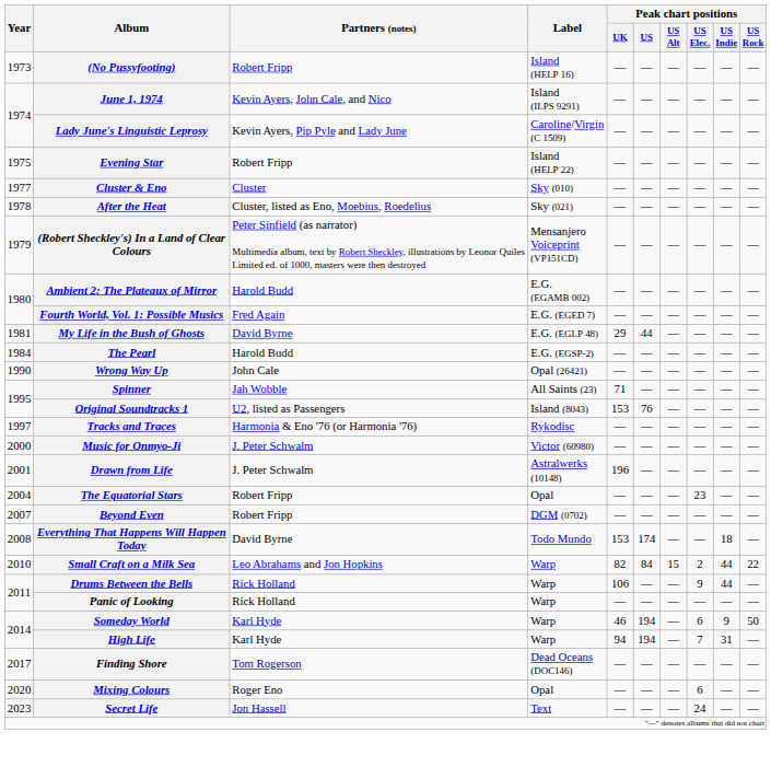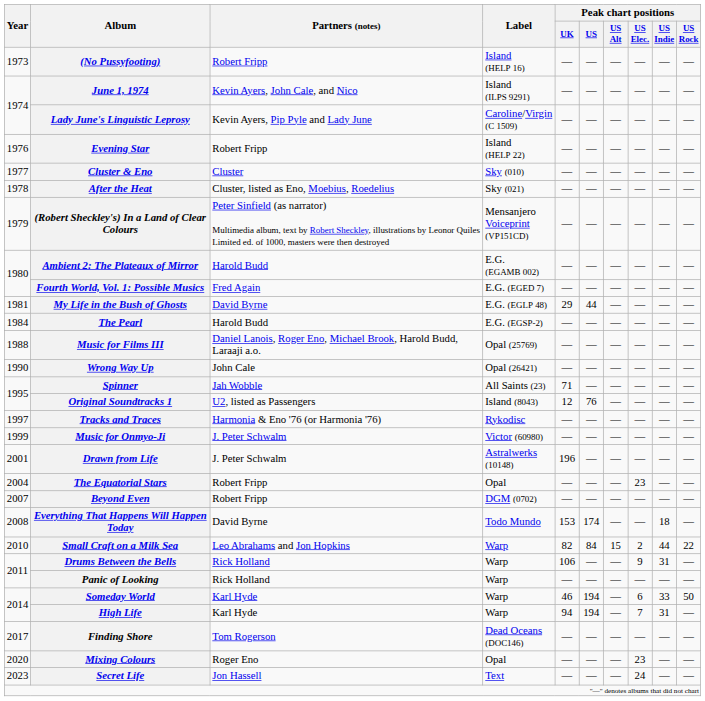 <table class="wikitable sortable plainrowheaders">
 <tr>
 <th width="32" rowspan="2">Year</th>
 <th width="260" rowspan="2">Album</th>
 <th width="400" rowspan="2">Partners <small>(notes)</small></th>
 <th width="100" rowspan="2">Label</th>
 <th colspan="6" class="unsortable">Peak chart positions</th>
 </tr>
 <tr style="font-size:smaller;">
 <th width="30" class="unsortable"><a href='#'>UK</a><br></th>
 <th width="30" class="unsortable"><a href='#'>US</a><br></th>
 <th width="30" class="unsortable"><a href='#'>US<br>Alt</a><br></th>
 <th width="30" class="unsortable"><a href='#'>US<br>Elec.</a><br></th>
 <th width="30" class="unsortable"><a href='#'>US<br>Indie</a><br></th>
 <th width="30" class="unsortable"><a href='#'>US<br>Rock</a><br></th>
 </tr>
 <tr>
 <td align="center">1973</td>
 <th scope="row"><em><a href='#'>(No Pussyfooting)</a></em></th>
 <td><a href='#'>Robert Fripp</a></td>
 <td><a href='#'>Island</a> <small>(HELP 16)</small></td>
 <td align="center">—</td>
 <td align="center">—</td>
 <td align="center">—</td>
 <td align="center">—</td>
 <td align="center">—</td>
 <td align="center">—</td>
 </tr>
 <tr>
 <td align="center" rowspan="2">1974</td>
 <th scope="row"><em><a href='#'>June 1, 1974</a></em></th>
 <td><a href='#'>Kevin Ayers</a>, <a href='#'>John Cale</a>, and <a href='#'>Nico</a></td>
 <td>Island <small>(ILPS 9291)</small></td>
 <td align="center">—</td>
 <td align="center">—</td>
 <td align="center">—</td>
 <td align="center">—</td>
 <td align="center">—</td>
 <td align="center">—</td>
 </tr>
 <tr>
 <th scope="row"><em><a href='#'>Lady June's Linguistic Leprosy</a></em></th>
 <td>Kevin Ayers, <a href='#'>Pip Pyle</a> and <a href='#'>Lady June</a></td>
 <td><a href='#'>Caroline</a>/<a href='#'>Virgin</a> <small>(C 1509)</small></td>
 <td align="center">—</td>
 <td align="center">—</td>
 <td align="center">—</td>
 <td align="center">—</td>
 <td align="center">—</td>
 <td align="center">—</td>
 </tr>
 <tr>
-<td align="center">1975</td>
+<td align="center">1976</td>
 <th scope="row"><em><a href='#'>Evening Star</a></em></th>
 <td>Robert Fripp</td>
 <td>Island <small>(HELP 22)</small></td>
 <td align="center">—</td>
 <td align="center">—</td>
 <td align="center">—</td>
 <td align="center">—</td>
 <td align="center">—</td>
 <td align="center">—</td>
 </tr>
 <tr>
 <td align="center">1977</td>
 <th scope="row"><em><a href='#'>Cluster & Eno</a></em></th>
 <td><a href='#'>Cluster</a></td>
 <td><a href='#'>Sky</a> <small>(010)</small></td>
 <td align="center">—</td>
 <td align="center">—</td>
 <td align="center">—</td>
 <td align="center">—</td>
 <td align="center">—</td>
 <td align="center">—</td>
 </tr>
 <tr>
 <td align="center">1978</td>
 <th scope="row"><em><a href='#'>After the Heat</a></em></th>
 <td>Cluster, listed as Eno, <a href='#'>Moebius</a>, <a href='#'>Roedelius</a></td>
 <td>Sky <small>(021)</small></td>
 <td align="center">—</td>
 <td align="center">—</td>
 <td align="center">—</td>
 <td align="center">—</td>
 <td align="center">—</td>
 <td align="center">—</td>
 </tr>
 <tr>
 <td align="center">1979</td>
 <th scope="row"><em>(Robert Sheckley's) In a Land of Clear Colours</em></th>
 <td><a href='#'>Peter Sinfield</a> (as narrator)<br><br><small>Multimedia album, text by <a href='#'>Robert Sheckley</a>, illustrations by Leonor Quiles<br> Limited ed. of 1000, masters were then destroyed</small></td>
 <td>Mensanjero<br><a href='#'>Voiceprint</a> <small>(VP151CD)</small></td>
 <td align="center">—</td>
 <td align="center">—</td>
 <td align="center">—</td>
 <td align="center">—</td>
 <td align="center">—</td>
 <td align="center">—</td>
 </tr>
 <tr>
 <td align="center" rowspan="2">1980</td>
 <th scope="row"><em><a href='#'>Ambient 2: The Plateaux of Mirror</a></em></th>
 <td><a href='#'>Harold Budd</a></td>
 <td>E.G. <small>(EGAMB 002)</small></td>
 <td align="center">—</td>
 <td align="center">—</td>
 <td align="center">—</td>
 <td align="center">—</td>
 <td align="center">—</td>
 <td align="center">—</td>
 </tr>
 <tr>
 <th scope="row"><em><a href='#'>Fourth World, Vol. 1: Possible Musics</a></em></th>
 <td><a href='#'>Fred Again</a></td>
 <td>E.G. <small>(EGED 7)</small></td>
 <td align="center">—</td>
 <td align="center">—</td>
 <td align="center">—</td>
 <td align="center">—</td>
 <td align="center">—</td>
 <td align="center">—</td>
 </tr>
 <tr>
 <td align="center">1981</td>
 <th scope="row"><em><a href='#'>My Life in the Bush of Ghosts</a></em></th>
 <td><a href='#'>David Byrne</a></td>
 <td>E.G. <small>(EGLP 48)</small></td>
 <td align="center">29</td>
 <td align="center">44</td>
 <td align="center">—</td>
 <td align="center">—</td>
 <td align="center">—</td>
 <td align="center">—</td>
 </tr>
 <tr>
 <td align="center">1984</td>
 <th scope="row"><em><a href='#'>The Pearl</a></em></th>
 <td>Harold Budd</td>
 <td>E.G. <small>(EGSP-2)</small></td>
 <td align="center">—</td>
 <td align="center">—</td>
 <td align="center">—</td>
 <td align="center">—</td>
 <td align="center">—</td>
 <td align="center">—</td>
 </tr>
 <tr>
+<td align="center">1988</td>
+<th scope="row"><em><a href='#'>Music for Films III</a></em></th>
+<td><a href='#'>Daniel Lanois</a>, <a href='#'>Roger Eno</a>, <a href='#'>Michael Brook</a>, Harold Budd, Laraaji a.o.</td>
+<td>Opal <small>(25769)</small></td>
+<td align="center">—</td>
+<td align="center">—</td>
+<td align="center">—</td>
+<td align="center">—</td>
+<td align="center">—</td>
+<td align="center">—</td>
+</tr>
+<tr>
 <td align="center">1990</td>
 <th scope="row"><em><a href='#'>Wrong Way Up</a></em></th>
 <td>John Cale</td>
 <td>Opal <small>(26421)</small></td>
 <td align="center">—</td>
 <td align="center">—</td>
 <td align="center">—</td>
 <td align="center">—</td>
 <td align="center">—</td>
 <td align="center">—</td>
 </tr>
 <tr>
 <td align="center" rowspan="2">1995</td>
 <th scope="row"><em><a href='#'>Spinner</a></em></th>
 <td><a href='#'>Jah Wobble</a></td>
 <td>All Saints <small>(23)</small></td>
 <td align="center">71</td>
 <td align="center">—</td>
 <td align="center">—</td>
 <td align="center">—</td>
 <td align="center">—</td>
 <td align="center">—</td>
 </tr>
 <tr>
 <th scope="row"><em><a href='#'>Original Soundtracks 1</a></em></th>
 <td><a href='#'>U2</a>, listed as Passengers</td>
 <td>Island <small>(8043)</small></td>
-<td align="center">153</td>
+<td align="center">12</td>
 <td align="center">76</td>
 <td align="center">—</td>
 <td align="center">—</td>
 <td align="center">—</td>
 <td align="center">—</td>
 </tr>
 <tr>
 <td align="center">1997</td>
 <th scope="row"><em><a href='#'>Tracks and Traces</a></em></th>
 <td><a href='#'>Harmonia</a> & Eno '76 (or Harmonia '76)</td>
 <td><a href='#'>Rykodisc</a></td>
 <td align="center">—</td>
 <td align="center">—</td>
 <td align="center">—</td>
 <td align="center">—</td>
 <td align="center">—</td>
 <td align="center">—</td>
 </tr>
 <tr>
-<td align="center">2000</td>
+<td align="center">1999</td>
 <th scope="row"><em><a href='#'>Music for Onmyo-Ji</a></em></th>
 <td><a href='#'>J. Peter Schwalm</a></td>
 <td><a href='#'>Victor</a> <small>(60980)</small></td>
 <td align="center">—</td>
 <td align="center">—</td>
 <td align="center">—</td>
 <td align="center">—</td>
 <td align="center">—</td>
 <td align="center">—</td>
 </tr>
 <tr>
 <td align="center">2001</td>
 <th scope="row"><em><a href='#'>Drawn from Life</a></em></th>
 <td>J. Peter Schwalm</td>
 <td><a href='#'>Astralwerks</a> <small>(10148)</small></td>
 <td align="center">196</td>
 <td align="center">—</td>
 <td align="center">—</td>
 <td align="center">—</td>
 <td align="center">—</td>
 <td align="center">—</td>
 </tr>
 <tr>
 <td align="center">2004</td>
 <th scope="row"><em><a href='#'>The Equatorial Stars</a></em></th>
 <td>Robert Fripp</td>
 <td>Opal</td>
 <td align="center">—</td>
 <td align="center">—</td>
 <td align="center">—</td>
 <td align="center">23</td>
 <td align="center">—</td>
 <td align="center">—</td>
 </tr>
 <tr>
 <td align="center">2007</td>
 <th scope="row"><em><a href='#'>Beyond Even</a></em></th>
 <td>Robert Fripp</td>
 <td><a href='#'>DGM</a> <small>(0702)</small></td>
 <td align="center">—</td>
 <td align="center">—</td>
 <td align="center">—</td>
 <td align="center">—</td>
 <td align="center">—</td>
 <td align="center">—</td>
 </tr>
 <tr>
 <td align="center">2008</td>
 <th scope="row"><em><a href='#'>Everything That Happens Will Happen Today</a></em></th>
 <td>David Byrne</td>
 <td><a href='#'>Todo Mundo</a></td>
 <td align="center">153</td>
 <td align="center">174</td>
 <td align="center">—</td>
 <td align="center">—</td>
 <td align="center">18</td>
 <td align="center">—</td>
 </tr>
 <tr>
 <td align="center">2010</td>
 <th scope="row"><em><a href='#'>Small Craft on a Milk Sea</a></em></th>
 <td><a href='#'>Leo Abrahams</a> and <a href='#'>Jon Hopkins</a></td>
 <td><a href='#'>Warp</a></td>
 <td align="center">82</td>
 <td align="center">84</td>
 <td align="center">15</td>
 <td align="center">2</td>
 <td align="center">44</td>
 <td align="center">22</td>
 </tr>
 <tr>
 <td align="center" rowspan="2">2011</td>
 <th scope="row"><em><a href='#'>Drums Between the Bells</a></em></th>
 <td><a href='#'>Rick Holland</a></td>
 <td>Warp</td>
 <td align="center">106</td>
 <td align="center">—</td>
 <td align="center">—</td>
 <td align="center">9</td>
-<td align="center">44</td>
+<td align="center">31</td>
 <td align="center">—</td>
 </tr>
 <tr>
 <th scope="row"><em>Panic of Looking</em></th>
 <td>Rick Holland</td>
 <td>Warp</td>
 <td align="center">—</td>
 <td align="center">—</td>
 <td align="center">—</td>
 <td align="center">—</td>
 <td align="center">—</td>
 <td align="center">—</td>
 </tr>
 <tr>
 <td align="center" rowspan="2">2014</td>
 <th scope="row"><em><a href='#'>Someday World</a></em></th>
 <td><a href='#'>Karl Hyde</a></td>
 <td>Warp</td>
 <td align="center">46</td>
 <td align="center">194</td>
 <td align="center">—</td>
 <td align="center">6</td>
-<td align="center">9</td>
+<td align="center">33</td>
 <td align="center">50</td>
 </tr>
 <tr>
 <th scope="row"><em><a href='#'>High Life</a></em></th>
 <td>Karl Hyde</td>
 <td>Warp</td>
 <td align="center">94</td>
 <td align="center">194</td>
 <td align="center">—</td>
 <td align="center">7</td>
 <td align="center">31</td>
 <td align="center">—</td>
 </tr>
 <tr>
 <td align="center">2017</td>
 <th scope="row"><em>Finding Shore</em></th>
 <td><a href='#'>Tom Rogerson</a></td>
 <td><a href='#'>Dead Oceans</a> <small>(DOC146)</small></td>
 <td align="center">—</td>
 <td align="center">—</td>
 <td align="center">—</td>
 <td align="center">—</td>
 <td align="center">—</td>
 <td align="center">—</td>
 </tr>
 <tr>
 <td align="center">2020</td>
 <th scope="row"><em><a href='#'>Mixing Colours</a></em></th>
 <td>Roger Eno</td>
 <td>Opal</td>
 <td align="center">—</td>
 <td align="center">—</td>
 <td align="center">—</td>
-<td align="center">6</td>
+<td align="center">23</td>
 <td align="center">—</td>
 <td align="center">—</td>
 </tr>
 <tr>
 <td align="center">2023</td>
 <th scope="row"><em><a href='#'>Secret Life</a></em></th>
 <td><a href='#'>Jon Hassell</a></td>
 <td><a href='#'>Text</a></td>
 <td align="center">—</td>
 <td align="center">—</td>
 <td align="center">—</td>
 <td align="center">24</td>
 <td align="center">—</td>
 <td align="center">—</td>
 </tr>
 <tr>
 <td align="right" colspan="10" style="font-size: 8pt">"—" denotes albums that did not chart</td>
 </tr>
 </table>
